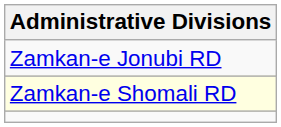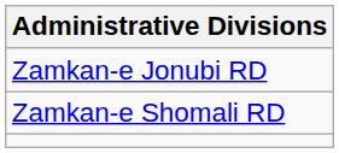 <table class="wikitable">
 <tr>
 <th>Administrative Divisions</th>
 </tr>
 <tr>
 <td><a href='#'>Zamkan-e Jonubi RD</a></td>
 </tr>
 <tr>
-<td style="background: lightyellow;"><a href='#'>Zamkan-e Shomali RD</a></td>
+<td><a href='#'>Zamkan-e Shomali RD</a></td>
 </tr>
 <tr>
 <td colspan=1></td>
 </tr>
 </table>
